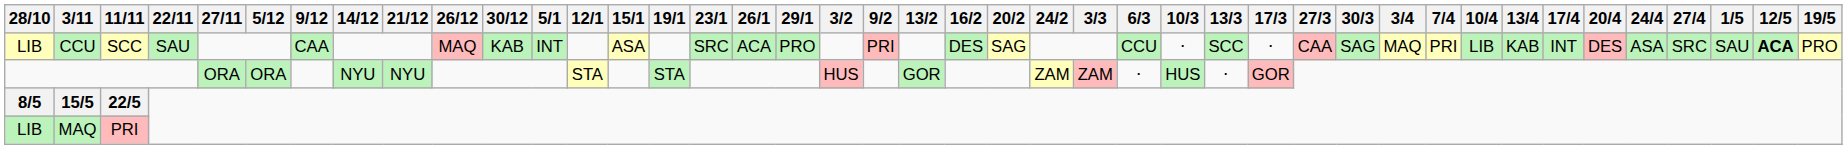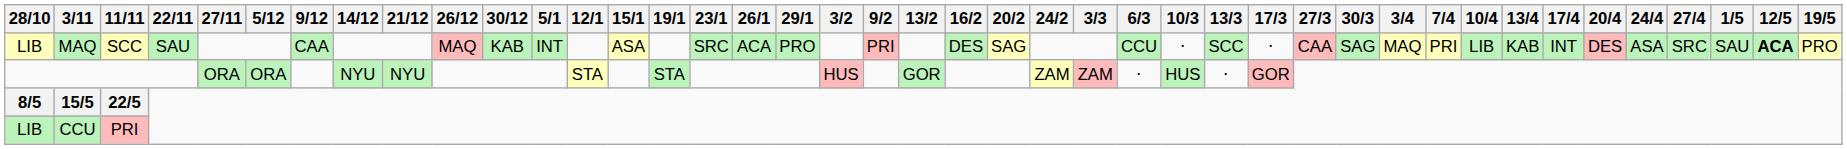 <table class="wikitable" style="font-size: 74%; text-align:center;">
 <tr>
 <th align=center>28/10</th>
 <th align=center>3/11</th>
 <th align=center>11/11</th>
 <th align=center>22/11</th>
 <th align=center>27/11</th>
 <th align=center>5/12</th>
 <th align=center>9/12</th>
 <th align=center>14/12</th>
 <th align=center>21/12</th>
 <th align=center>26/12</th>
 <th align=center>30/12</th>
 <th align=center>5/1</th>
 <th align=center>12/1</th>
 <th align=center>15/1</th>
 <th align=center>19/1</th>
 <th align=center>23/1</th>
 <th align=center>26/1</th>
 <th align=center>29/1</th>
 <th align=center>3/2</th>
 <th align=center>9/2</th>
 <th align=center>13/2</th>
 <th align=center>16/2</th>
 <th align=center>20/2</th>
 <th align=center>24/2</th>
 <th align=center>3/3</th>
 <th align=center>6/3</th>
 <th align=center>10/3</th>
 <th align=center>13/3</th>
 <th align=center>17/3</th>
 <th align=center>27/3</th>
 <th align=center>30/3</th>
 <th align=center>3/4</th>
 <th align=center>7/4</th>
 <th align=center>10/4</th>
 <th align=center>13/4</th>
 <th align=center>17/4</th>
 <th align=center>20/4</th>
 <th align=center>24/4</th>
 <th align=center>27/4</th>
 <th align=center>1/5</th>
 <th align=center>12/5</th>
 <th align=center>19/5</th>
 </tr>
 <tr align=center>
 <td bgcolor=#ffffbb>LIB</td>
-<td bgcolor=#bbf3bb>CCU</td>
+<td bgcolor=#bbf3bb>MAQ</td>
 <td bgcolor=#ffffbb>SCC</td>
 <td bgcolor=#bbf3bb>SAU</td>
 <td colspan=2></td>
 <td bgcolor=#bbf3bb>CAA</td>
 <td colspan=2></td>
 <td bgcolor=#ffbbbb>MAQ</td>
 <td bgcolor=#bbf3bb>KAB</td>
 <td bgcolor=#bbf3bb>INT</td>
 <td></td>
 <td bgcolor=#ffffbb>ASA</td>
 <td></td>
 <td bgcolor=#bbf3bb>SRC</td>
 <td bgcolor=#bbf3bb>ACA</td>
 <td bgcolor=#bbf3bb>PRO</td>
 <td></td>
 <td bgcolor=#ffbbbb>PRI</td>
 <td></td>
 <td bgcolor=#bbf3bb>DES</td>
 <td bgcolor=#ffffbb>SAG</td>
 <td colspan=2></td>
 <td bgcolor=#bbf3bb>CCU</td>
 <td>⋅</td>
 <td bgcolor=#bbf3bb>SCC</td>
 <td>⋅</td>
 <td bgcolor=#ffbbbb>CAA</td>
 <td bgcolor=#bbf3bb>SAG</td>
 <td bgcolor=#ffffbb>MAQ</td>
 <td bgcolor=#ffffbb>PRI</td>
 <td bgcolor=#bbf3bb>LIB</td>
 <td bgcolor=#bbf3bb>KAB</td>
 <td bgcolor=#bbf3bb>INT</td>
 <td bgcolor=#ffbbbb>DES</td>
 <td bgcolor=#bbf3bb>ASA</td>
 <td bgcolor=#bbf3bb>SRC</td>
 <td bgcolor=#bbf3bb>SAU</td>
 <td bgcolor=#bbf3bb><strong>ACA</strong></td>
 <td bgcolor=#ffffbb>PRO</td>
 </tr>
 <tr align=center>
 <td colspan=4></td>
 <td bgcolor=#bbf3bb>ORA</td>
 <td bgcolor=#bbf3bb>ORA</td>
 <td></td>
 <td bgcolor=#bbf3bb>NYU</td>
 <td bgcolor=#bbf3bb>NYU</td>
 <td colspan=3></td>
 <td bgcolor=#ffffbb>STA</td>
 <td></td>
 <td bgcolor=#bbf3bb>STA</td>
 <td colspan=3></td>
 <td bgcolor=#ffbbbb>HUS</td>
 <td></td>
 <td bgcolor=#bbf3bb>GOR</td>
 <td colspan=2></td>
 <td bgcolor=#ffffbb>ZAM</td>
 <td bgcolor=#ffbbbb>ZAM</td>
 <td>⋅</td>
 <td bgcolor=#bbf3bb>HUS</td>
 <td>⋅</td>
 <td bgcolor=#ffbbbb>GOR</td>
 </tr>
 <tr>
 <th align=center>8/5</th>
 <th align=center>15/5</th>
 <th align=center>22/5</th>
 </tr>
 <tr align=center>
 <td bgcolor=#bbf3bb>LIB</td>
-<td bgcolor=#bbf3bb>MAQ</td>
+<td bgcolor=#bbf3bb>CCU</td>
 <td bgcolor=#ffbbbb>PRI</td>
 </tr>
 </table>
